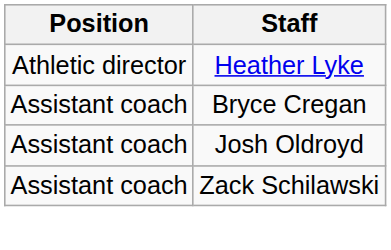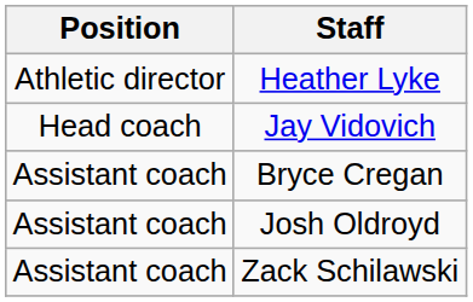 <table class="wikitable" style="text-align: center;">
 <tr>
 <th>Position</th>
 <th>Staff</th>
 </tr>
 <tr>
 <td>Athletic director</td>
 <td><a href='#'>Heather Lyke</a></td>
+</tr>
+<tr>
+<td>Head coach</td>
+<td><a href='#'>Jay Vidovich</a></td>
 </tr>
 <tr>
 <td>Assistant coach</td>
 <td>Bryce Cregan</td>
 </tr>
 <tr>
 <td>Assistant coach</td>
 <td>Josh Oldroyd</td>
 </tr>
 <tr>
 <td>Assistant coach</td>
 <td>Zack Schilawski</td>
 </tr>
 </table>
